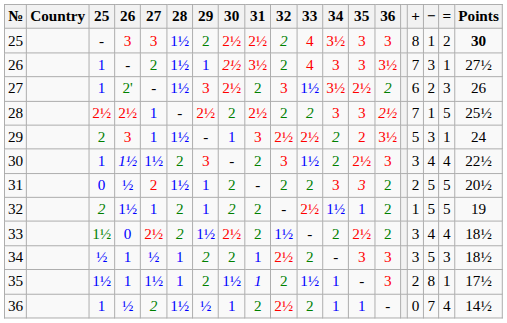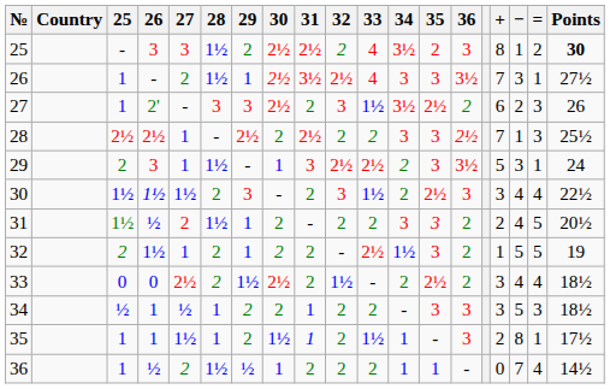 <table class="wikitable" style="text-align:center">
 <tr>
 <th>№</th>
 <th>Country</th>
 <th>25</th>
 <th>26</th>
 <th>27</th>
 <th>28</th>
 <th>29</th>
 <th>30</th>
 <th>31</th>
 <th>32</th>
 <th>33</th>
 <th>34</th>
 <th>35</th>
 <th>36</th>
 <th></th>
 <th>+</th>
 <th>−</th>
 <th>=</th>
 <th>Points</th>
 </tr>
 <tr>
 <td>25</td>
 <td style="text-align: left"></td>
 <td>-</td>
 <td style="color:red;">3</td>
 <td style="color:red;">3</td>
 <td style="color:blue;">1½</td>
 <td style="color:green;">2</td>
 <td style="color:red;">2½</td>
 <td style="color:red;">2½</td>
 <td style="color:green;"><em>2</em></td>
 <td style="color:red;">4</td>
 <td style="color:red;">3½</td>
-<td style="color:red;">3</td>
+<td style="color:red;">2</td>
 <td style="color:red;">3</td>
 <th></th>
 <td>8</td>
 <td>1</td>
 <td>2</td>
 <td><strong>30</strong></td>
 </tr>
 <tr>
 <td>26</td>
 <td style="text-align: left"></td>
 <td style="color:blue;">1</td>
 <td>-</td>
 <td style="color:green;">2</td>
 <td style="color:blue;">1½</td>
 <td style="color:blue;">1</td>
 <td style="color:red;"><em>2½</em></td>
 <td style="color:red;">3½</td>
-<td style="color:green;">2</td>
+<td style="color:red;">2½</td>
 <td style="color:red;">4</td>
 <td style="color:red;">3</td>
 <td style="color:red;">3</td>
 <td style="color:red;">3½</td>
 <th></th>
 <td>7</td>
 <td>3</td>
 <td>1</td>
 <td>27½</td>
 </tr>
 <tr>
 <td>27</td>
 <td style="text-align: left"></td>
 <td style="color:blue;">1</td>
 <td style="color:green;">2'</td>
 <td>-</td>
-<td style="color:blue;">1½</td>
+<td style="color:red;">3</td>
 <td style="color:red;">3</td>
 <td style="color:red;">2½</td>
 <td style="color:green;">2</td>
 <td style="color:red;">3</td>
 <td style="color:blue;">1½</td>
 <td style="color:red;">3½</td>
 <td style="color:red;">2½</td>
 <td style="color:green;"><em>2</em></td>
 <th></th>
 <td>6</td>
 <td>2</td>
 <td>3</td>
 <td>26</td>
 </tr>
 <tr>
 <td>28</td>
 <td style="text-align: left"></td>
 <td style="color:red;">2½</td>
 <td style="color:red;">2½</td>
 <td style="color:blue;">1</td>
 <td>-</td>
 <td style="color:red;">2½</td>
 <td style="color:green;">2</td>
 <td style="color:red;">2½</td>
 <td style="color:green;">2</td>
 <td style="color:green;"><em>2</em></td>
 <td style="color:red;">3</td>
 <td style="color:red;">3</td>
 <td style="color:red;"><em>2½</em></td>
 <th></th>
 <td>7</td>
 <td>1</td>
-<td>5</td>
+<td>3</td>
 <td>25½</td>
 </tr>
 <tr>
 <td>29</td>
 <td style="text-align: left"></td>
 <td style="color:green;">2</td>
 <td style="color:red;">3</td>
 <td style="color:blue;">1</td>
 <td style="color:blue;">1½</td>
 <td>-</td>
 <td style="color:blue;">1</td>
 <td style="color:red;">3</td>
 <td style="color:red;">2½</td>
 <td style="color:red;">2½</td>
 <td style="color:green;"><em>2</em></td>
-<td style="color:red;">2</td>
+<td style="color:red;">3</td>
 <td style="color:red;">3½</td>
 <th></th>
 <td>5</td>
 <td>3</td>
 <td>1</td>
 <td>24</td>
 </tr>
 <tr>
 <td>30</td>
 <td style="text-align: left"></td>
-<td style="color:blue;">1</td>
+<td style="color:blue;">1½</td>
 <td style="color:blue;"><em>1½</em></td>
 <td style="color:blue;">1½</td>
 <td style="color:green;">2</td>
 <td style="color:red;">3</td>
 <td>-</td>
 <td style="color:green;">2</td>
 <td style="color:red;">3</td>
 <td style="color:blue;">1½</td>
 <td style="color:green;">2</td>
 <td style="color:red;">2½</td>
 <td style="color:red;">3</td>
 <th></th>
 <td>3</td>
 <td>4</td>
 <td>4</td>
 <td>22½</td>
 </tr>
 <tr>
 <td>31</td>
 <td style="text-align: left"></td>
-<td style="color:blue;">0</td>
+<td style="color:green;">1½</td>
 <td style="color:blue;">½</td>
 <td style="color:red;">2</td>
 <td style="color:blue;">1½</td>
 <td style="color:blue;">1</td>
 <td style="color:green;">2</td>
 <td>-</td>
 <td style="color:green;">2</td>
 <td style="color:green;">2</td>
 <td style="color:red;">3</td>
 <td style="color:red;"><em>3</em></td>
 <td style="color:green;">2</td>
 <th></th>
 <td>2</td>
-<td>5</td>
+<td>4</td>
 <td>5</td>
 <td>20½</td>
 </tr>
 <tr>
 <td>32</td>
 <td style="text-align: left"></td>
 <td style="color:green;"><em>2</em></td>
 <td style="color:blue;">1½</td>
 <td style="color:blue;">1</td>
 <td style="color:green;">2</td>
 <td style="color:blue;">1</td>
 <td style="color:green;"><em>2</em></td>
 <td style="color:green;">2</td>
 <td>-</td>
 <td style="color:red;">2½</td>
 <td style="color:blue;">1½</td>
-<td style="color:blue;">1</td>
+<td style="color:red;">3</td>
 <td style="color:green;">2</td>
 <th></th>
 <td>1</td>
 <td>5</td>
 <td>5</td>
 <td>19</td>
 </tr>
 <tr>
 <td>33</td>
 <td style="text-align: left"></td>
-<td style="color:green;">1½</td>
+<td style="color:blue;">0</td>
 <td style="color:blue;">0</td>
 <td style="color:red;">2½</td>
 <td style="color:green;"><em>2</em></td>
 <td style="color:blue;">1½</td>
 <td style="color:red;">2½</td>
 <td style="color:green;">2</td>
 <td style="color:blue;">1½</td>
 <td>-</td>
 <td style="color:green;">2</td>
 <td style="color:red;">2½</td>
 <td style="color:green;">2</td>
 <th></th>
 <td>3</td>
 <td>4</td>
 <td>4</td>
 <td>18½</td>
 </tr>
 <tr>
 <td>34</td>
 <td style="text-align: left"></td>
 <td style="color:blue;">½</td>
 <td style="color:blue;">1</td>
 <td style="color:blue;">½</td>
 <td style="color:blue;">1</td>
 <td style="color:green;"><em>2</em></td>
 <td style="color:green;">2</td>
 <td style="color:blue;">1</td>
-<td style="color:red;">2½</td>
+<td style="color:green;">2</td>
 <td style="color:green;">2</td>
 <td>-</td>
 <td style="color:red;">3</td>
 <td style="color:red;">3</td>
 <th></th>
 <td>3</td>
 <td>5</td>
 <td>3</td>
 <td>18½</td>
 </tr>
 <tr>
 <td>35</td>
 <td style="text-align: left"></td>
-<td style="color:blue;">1½</td>
+<td style="color:blue;">1</td>
 <td style="color:blue;">1</td>
 <td style="color:blue;">1½</td>
 <td style="color:blue;">1</td>
 <td style="color:green;">2</td>
 <td style="color:blue;">1½</td>
 <td style="color:blue;"><em>1</em></td>
 <td style="color:green;">2</td>
 <td style="color:blue;">1½</td>
 <td style="color:blue;">1</td>
 <td>-</td>
 <td style="color:red;">3</td>
 <th></th>
 <td>2</td>
 <td>8</td>
 <td>1</td>
 <td>17½</td>
 </tr>
 <tr>
 <td>36</td>
 <td style="text-align: left"></td>
 <td style="color:blue;">1</td>
 <td style="color:blue;">½</td>
 <td style="color:green;"><em>2</em></td>
 <td style="color:blue;">1½</td>
 <td style="color:blue;">½</td>
 <td style="color:blue;">1</td>
 <td style="color:green;">2</td>
-<td style="color:red;">2½</td>
+<td style="color:green;">2</td>
 <td style="color:green;">2</td>
 <td style="color:blue;">1</td>
 <td style="color:blue;">1</td>
 <td>-</td>
 <th></th>
 <td>0</td>
 <td>7</td>
 <td>4</td>
 <td>14½</td>
 </tr>
 </table>
